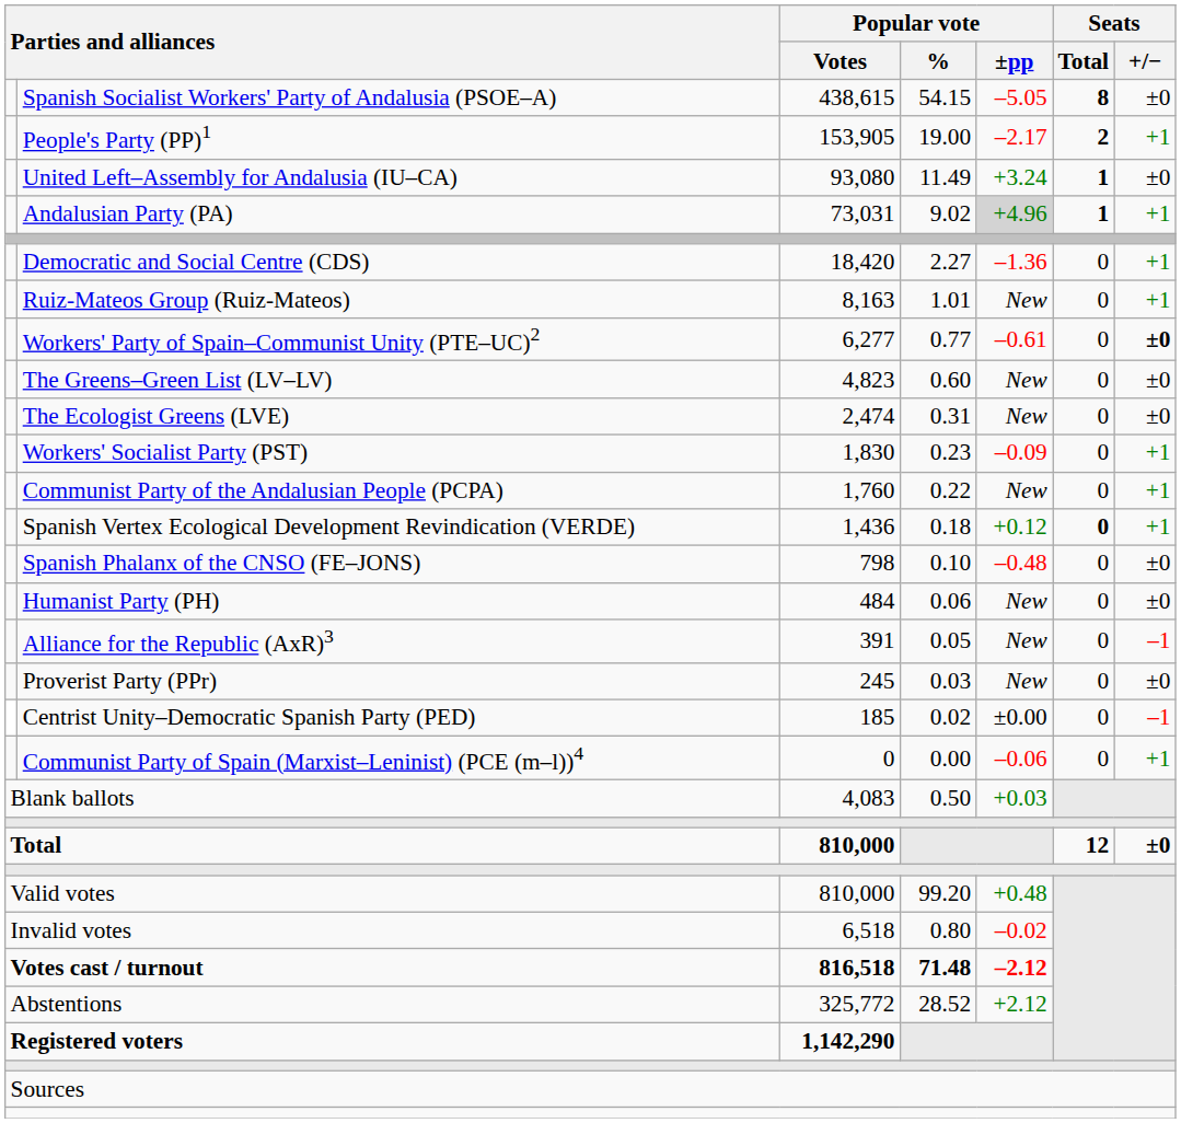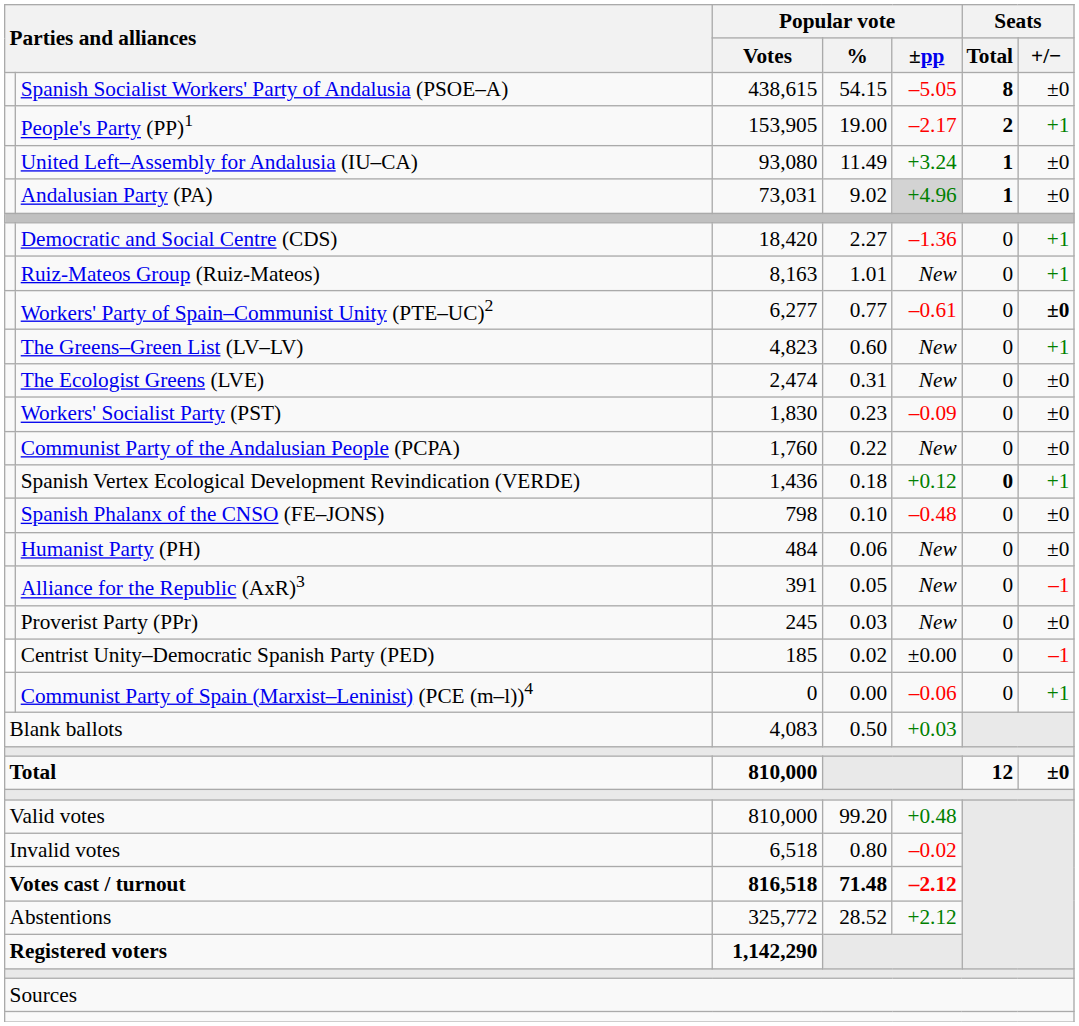 <table class="wikitable" style="text-align:right;">
 <tr>
 <th style="text-align:left;" rowspan="2" colspan="2" width="525">Parties and alliances</th>
 <th colspan="3">Popular vote</th>
 <th colspan="2">Seats</th>
 </tr>
 <tr>
 <th width="75">Votes</th>
 <th width="45">%</th>
 <th width="45">±<a href='#'>pp</a></th>
 <th width="35">Total</th>
 <th width="35">+/−</th>
 </tr>
 <tr>
 <td width="1" style="color:inherit;background:"></td>
 <td align="left"><a href='#'>Spanish Socialist Workers' Party of Andalusia</a> (PSOE–A)</td>
 <td>438,615</td>
 <td>54.15</td>
 <td style="color:red;">–5.05</td>
 <td><strong>8</strong></td>
 <td>±0</td>
 </tr>
 <tr>
 <td style="color:inherit;background:"></td>
 <td align="left"><a href='#'>People's Party</a> (PP)<sup>1</sup></td>
 <td>153,905</td>
 <td>19.00</td>
 <td style="color:red;">–2.17</td>
 <td><strong>2</strong></td>
 <td style="color:green;">+1</td>
 </tr>
 <tr>
 <td style="color:inherit;background:"></td>
 <td align="left"><a href='#'>United Left–Assembly for Andalusia</a> (IU–CA)</td>
 <td>93,080</td>
 <td>11.49</td>
 <td style="color:green;">+3.24</td>
 <td><strong>1</strong></td>
 <td>±0</td>
 </tr>
 <tr>
 <td style="color:inherit;background:"></td>
 <td align="left"><a href='#'>Andalusian Party</a> (PA)</td>
 <td>73,031</td>
 <td>9.02</td>
 <td style="background: lightgrey; color:green;">+4.96</td>
 <td><strong>1</strong></td>
-<td style="color:green;">+1</td>
+<td>±0</td>
 </tr>
 <tr>
 <td colspan="7" bgcolor="#C0C0C0"></td>
 </tr>
 <tr>
 <td style="color:inherit;background:"></td>
 <td align="left"><a href='#'>Democratic and Social Centre</a> (CDS)</td>
 <td>18,420</td>
 <td>2.27</td>
 <td style="color:red;">–1.36</td>
 <td>0</td>
 <td style="color:green;">+1</td>
 </tr>
 <tr>
 <td style="color:inherit;background:"></td>
 <td align="left"><a href='#'>Ruiz-Mateos Group</a> (Ruiz-Mateos)</td>
 <td>8,163</td>
 <td>1.01</td>
 <td><em>New</em></td>
 <td>0</td>
 <td style="color:green;">+1</td>
 </tr>
 <tr>
 <td style="color:inherit;background:"></td>
 <td align="left"><a href='#'>Workers' Party of Spain–Communist Unity</a> (PTE–UC)<sup>2</sup></td>
 <td>6,277</td>
 <td>0.77</td>
 <td style="color:red;">–0.61</td>
 <td>0</td>
 <td><strong>±0</strong></td>
 </tr>
 <tr>
 <td style="color:inherit;background:"></td>
 <td align="left"><a href='#'>The Greens–Green List</a> (LV–LV)</td>
 <td>4,823</td>
 <td>0.60</td>
 <td><em>New</em></td>
 <td>0</td>
-<td>±0</td>
+<td style="color:green;">+1</td>
 </tr>
 <tr>
 <td style="color:inherit;background:"></td>
 <td align="left"><a href='#'>The Ecologist Greens</a> (LVE)</td>
 <td>2,474</td>
 <td>0.31</td>
 <td><em>New</em></td>
 <td>0</td>
 <td>±0</td>
 </tr>
 <tr>
 <td style="color:inherit;background:"></td>
 <td align="left"><a href='#'>Workers' Socialist Party</a> (PST)</td>
 <td>1,830</td>
 <td>0.23</td>
 <td style="color:red;">–0.09</td>
 <td>0</td>
-<td style="color:green;">+1</td>
+<td>±0</td>
 </tr>
 <tr>
 <td style="color:inherit;background:"></td>
 <td align="left"><a href='#'>Communist Party of the Andalusian People</a> (PCPA)</td>
 <td>1,760</td>
 <td>0.22</td>
 <td><em>New</em></td>
 <td>0</td>
-<td style="color:green;">+1</td>
+<td>±0</td>
 </tr>
 <tr>
 <td style="color:inherit;background:"></td>
 <td align="left">Spanish Vertex Ecological Development Revindication (VERDE)</td>
 <td>1,436</td>
 <td>0.18</td>
 <td style="color:green;">+0.12</td>
 <td><strong>0</strong></td>
 <td style="color:green;">+1</td>
 </tr>
 <tr>
 <td style="color:inherit;background:"></td>
 <td align="left"><a href='#'>Spanish Phalanx of the CNSO</a> (FE–JONS)</td>
 <td>798</td>
 <td>0.10</td>
 <td style="color:red;">–0.48</td>
 <td>0</td>
 <td>±0</td>
 </tr>
 <tr>
 <td style="color:inherit;background:"></td>
 <td align="left"><a href='#'>Humanist Party</a> (PH)</td>
 <td>484</td>
 <td>0.06</td>
 <td><em>New</em></td>
 <td>0</td>
 <td>±0</td>
 </tr>
 <tr>
 <td style="color:inherit;background:"></td>
 <td align="left"><a href='#'>Alliance for the Republic</a> (AxR)<sup>3</sup></td>
 <td>391</td>
 <td>0.05</td>
 <td><em>New</em></td>
 <td>0</td>
 <td style="color:red;">–1</td>
 </tr>
 <tr>
 <td style="color:inherit;background:"></td>
 <td align="left">Proverist Party (PPr)</td>
 <td>245</td>
 <td>0.03</td>
 <td><em>New</em></td>
 <td>0</td>
 <td>±0</td>
 </tr>
 <tr>
 <td bgcolor="white"></td>
 <td align="left">Centrist Unity–Democratic Spanish Party (PED)</td>
 <td>185</td>
 <td>0.02</td>
 <td>±0.00</td>
 <td>0</td>
 <td style="color:red;">–1</td>
 </tr>
 <tr>
 <td style="color:inherit;background:"></td>
 <td align="left"><a href='#'>Communist Party of Spain (Marxist–Leninist)</a> (PCE (m–l))<sup>4</sup></td>
 <td>0</td>
 <td>0.00</td>
 <td style="color:red;">–0.06</td>
 <td>0</td>
 <td style="color:green;">+1</td>
 </tr>
 <tr>
 <td align="left" colspan="2">Blank ballots</td>
 <td>4,083</td>
 <td>0.50</td>
 <td style="color:green;">+0.03</td>
 <td bgcolor="#E9E9E9" colspan="2"></td>
 </tr>
 <tr>
 <td colspan="7" bgcolor="#E9E9E9"></td>
 </tr>
 <tr style="font-weight:bold;">
 <td align="left" colspan="2">Total</td>
 <td>810,000</td>
 <td bgcolor="#E9E9E9" colspan="2"></td>
 <td>12</td>
 <td>±0</td>
 </tr>
 <tr>
 <td colspan="7" bgcolor="#E9E9E9"></td>
 </tr>
 <tr>
 <td align="left" colspan="2">Valid votes</td>
 <td>810,000</td>
 <td>99.20</td>
 <td style="color:green;">+0.48</td>
 <td bgcolor="#E9E9E9" colspan="2" rowspan="5"></td>
 </tr>
 <tr>
 <td align="left" colspan="2">Invalid votes</td>
 <td>6,518</td>
 <td>0.80</td>
 <td style="color:red;">–0.02</td>
 </tr>
 <tr style="font-weight:bold;">
 <td align="left" colspan="2">Votes cast / turnout</td>
 <td>816,518</td>
 <td>71.48</td>
 <td style="color:red;">–2.12</td>
 </tr>
 <tr>
 <td align="left" colspan="2">Abstentions</td>
 <td>325,772</td>
 <td>28.52</td>
 <td style="color:green;">+2.12</td>
 </tr>
 <tr style="font-weight:bold;">
 <td align="left" colspan="2">Registered voters</td>
 <td>1,142,290</td>
 <td bgcolor="#E9E9E9" colspan="2"></td>
 </tr>
 <tr>
 <td colspan="7" bgcolor="#E9E9E9"></td>
 </tr>
 <tr>
 <td align="left" colspan="7">Sources</td>
 </tr>
 <tr>
 <td colspan="7" style="text-align:left; max-width:790px;"></td>
 </tr>
 </table>
